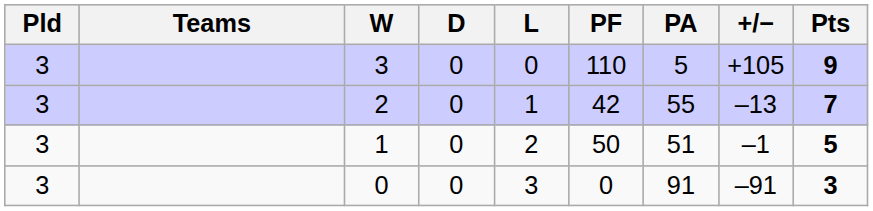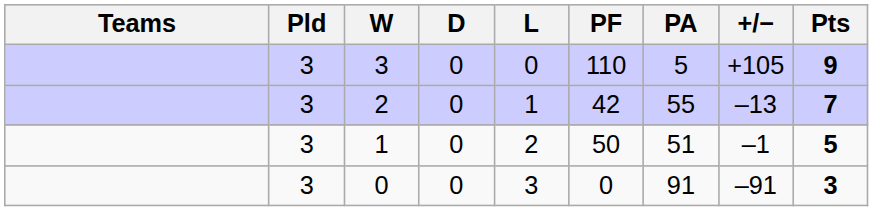 <table class="wikitable" style="text-align: center;">
 <tr>
+<th width="160">Teams</th>
 <th width="40">Pld</th>
-<th width="160">Teams</th>
 <th width="40">W</th>
 <th width="40">D</th>
 <th width="40">L</th>
 <th width="40">PF</th>
 <th width="40">PA</th>
 <th width="40">+/−</th>
 <th width="40">Pts</th>
 </tr>
 <tr bgcolor=ccccff>
+<td align=left></td>
 <td>3</td>
-<td align=left></td>
 <td>3</td>
 <td>0</td>
 <td>0</td>
 <td>110</td>
 <td>5</td>
 <td>+105</td>
 <td><strong>9</strong></td>
 </tr>
 <tr bgcolor=ccccff>
+<td align=left></td>
 <td>3</td>
-<td align=left></td>
 <td>2</td>
 <td>0</td>
 <td>1</td>
 <td>42</td>
 <td>55</td>
 <td>–13</td>
 <td><strong>7</strong></td>
 </tr>
 <tr>
+<td align=left></td>
 <td>3</td>
-<td align=left></td>
 <td>1</td>
 <td>0</td>
 <td>2</td>
 <td>50</td>
 <td>51</td>
 <td>–1</td>
 <td><strong>5</strong></td>
 </tr>
 <tr>
+<td align=left></td>
 <td>3</td>
-<td align=left></td>
 <td>0</td>
 <td>0</td>
 <td>3</td>
 <td>0</td>
 <td>91</td>
 <td>–91</td>
 <td><strong>3</strong></td>
 </tr>
 </table>
